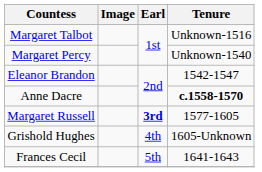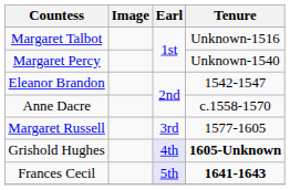 <table class="wikitable" style="text-align:center">
 <tr>
 <th>Countess</th>
 <th>Image</th>
 <th>Earl</th>
 <th>Tenure</th>
 </tr>
 <tr>
 <td><a href='#'>Margaret Talbot</a></td>
 <td></td>
 <td rowspan=2><a href='#'>1st</a></td>
 <td>Unknown-1516</td>
 </tr>
 <tr>
 <td><a href='#'>Margaret Percy</a></td>
 <td></td>
 <td>Unknown-1540</td>
 </tr>
 <tr>
 <td><a href='#'>Eleanor Brandon</a></td>
 <td></td>
 <td rowspan=2><a href='#'>2nd</a></td>
 <td>1542-1547</td>
 </tr>
 <tr>
 <td>Anne Dacre</td>
 <td></td>
-<td><strong>c.1558-1570</strong></td>
+<td>c.1558-1570</td>
 </tr>
 <tr>
 <td><a href='#'>Margaret Russell</a></td>
 <td></td>
-<td><strong><a href='#'>3rd</a></strong></td>
+<td><a href='#'>3rd</a></td>
 <td>1577-1605</td>
 </tr>
 <tr>
 <td>Grishold Hughes</td>
 <td></td>
-<td><a href='#'>4th</a></td>
-<td>1605-Unknown</td>
+<td style="background: lavender;"><a href='#'>4th</a></td>
+<td><strong>1605-Unknown</strong></td>
 </tr>
 <tr>
 <td>Frances Cecil</td>
 <td></td>
-<td><a href='#'>5th</a></td>
-<td>1641-1643</td>
+<td style="background: lavender;"><a href='#'>5th</a></td>
+<td><strong>1641-1643</strong></td>
 </tr>
 <tr>
 </tr>
 </table>
